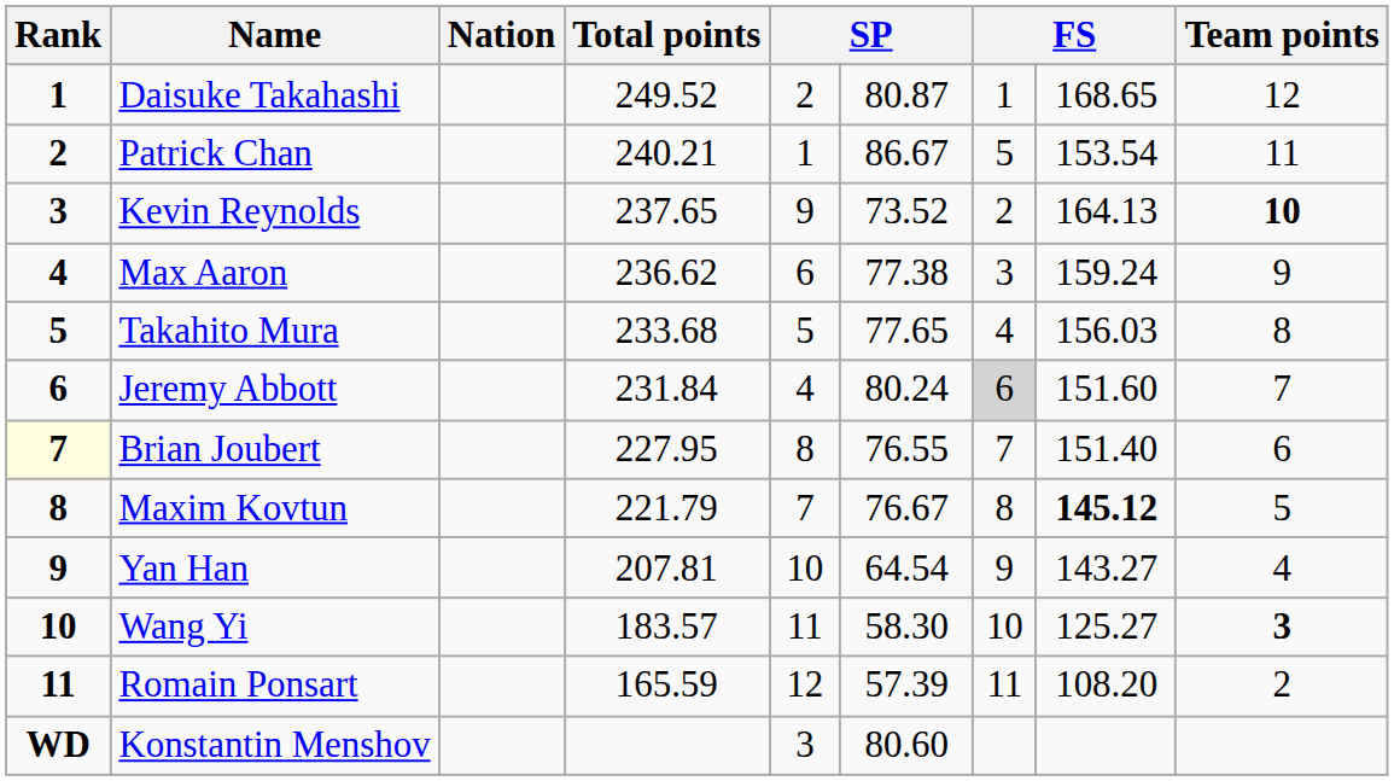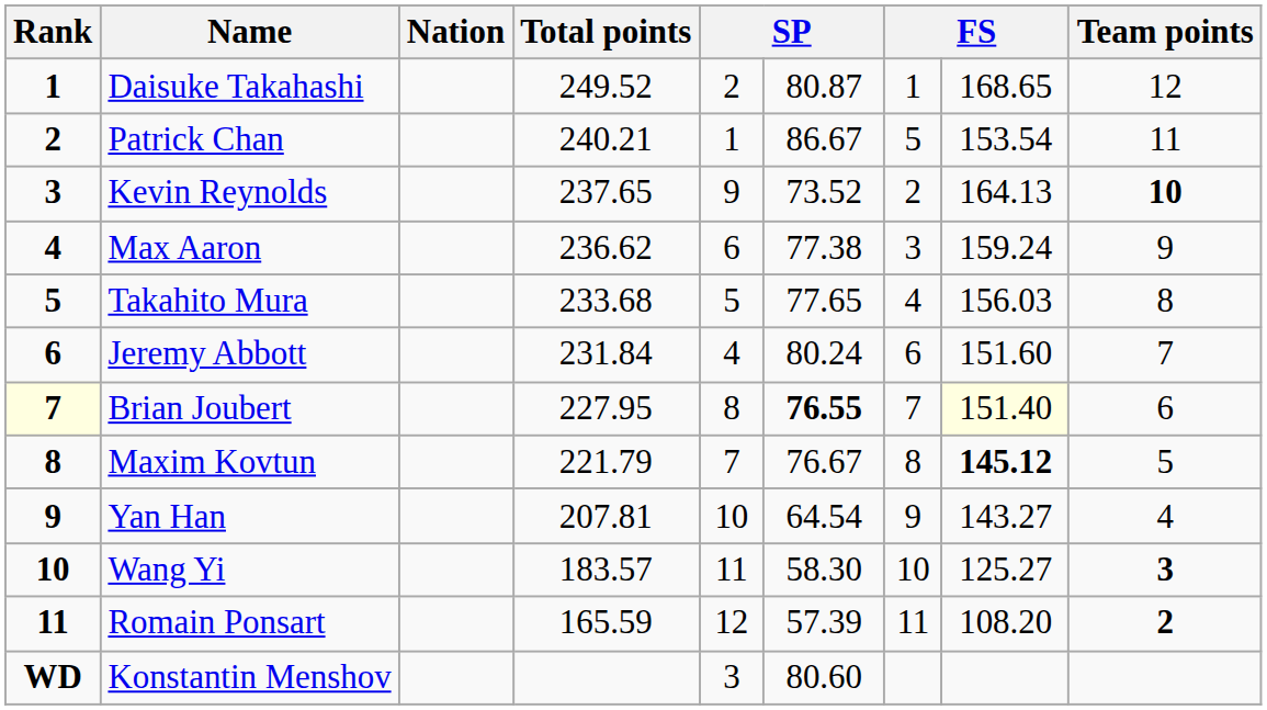 <table class="wikitable sortable">
 <tr>
 <th>Rank</th>
 <th>Name</th>
 <th>Nation</th>
 <th>Total points</th>
 <th colspan="2" width="80px"><a href='#'>SP</a></th>
 <th colspan="2" width="80px"><a href='#'>FS</a></th>
 <th>Team points</th>
 </tr>
 <tr>
 <td style="text-align: center;"><strong>1</strong></td>
 <td><a href='#'>Daisuke Takahashi</a></td>
 <td></td>
 <td style="text-align: center;">249.52</td>
 <td style="text-align: center;">2</td>
 <td style="text-align: center;">80.87</td>
 <td style="text-align: center;">1</td>
 <td style="text-align: center;">168.65</td>
 <td style="text-align: center;">12</td>
 </tr>
 <tr>
 <td style="text-align: center;"><strong>2</strong></td>
 <td><a href='#'>Patrick Chan</a></td>
 <td></td>
 <td style="text-align: center;">240.21</td>
 <td style="text-align: center;">1</td>
 <td style="text-align: center;">86.67</td>
 <td style="text-align: center;">5</td>
 <td style="text-align: center;">153.54</td>
 <td style="text-align: center;">11</td>
 </tr>
 <tr>
 <td style="text-align: center;"><strong>3</strong></td>
 <td><a href='#'>Kevin Reynolds</a></td>
 <td></td>
 <td style="text-align: center;">237.65</td>
 <td style="text-align: center;">9</td>
 <td style="text-align: center;">73.52</td>
 <td style="text-align: center;">2</td>
 <td style="text-align: center;">164.13</td>
 <td style="text-align: center;"><strong>10</strong></td>
 </tr>
 <tr>
 <td style="text-align: center;"><strong>4</strong></td>
 <td><a href='#'>Max Aaron</a></td>
 <td></td>
 <td style="text-align: center;">236.62</td>
 <td style="text-align: center;">6</td>
 <td style="text-align: center;">77.38</td>
 <td style="text-align: center;">3</td>
 <td style="text-align: center;">159.24</td>
 <td style="text-align: center;">9</td>
 </tr>
 <tr>
 <td style="text-align: center;"><strong>5</strong></td>
 <td><a href='#'>Takahito Mura</a></td>
 <td></td>
 <td style="text-align: center;">233.68</td>
 <td style="text-align: center;">5</td>
 <td style="text-align: center;">77.65</td>
 <td style="text-align: center;">4</td>
 <td style="text-align: center;">156.03</td>
 <td style="text-align: center;">8</td>
 </tr>
 <tr>
 <td style="text-align: center;"><strong>6</strong></td>
 <td><a href='#'>Jeremy Abbott</a></td>
 <td></td>
 <td style="text-align: center;">231.84</td>
 <td style="text-align: center;">4</td>
 <td style="text-align: center;">80.24</td>
-<td style="background: lightgrey; text-align: center;">6</td>
+<td style="text-align: center;">6</td>
 <td style="text-align: center;">151.60</td>
 <td style="text-align: center;">7</td>
 </tr>
 <tr>
 <td style="background: lightyellow; text-align: center;"><strong>7</strong></td>
 <td><a href='#'>Brian Joubert</a></td>
 <td></td>
 <td style="text-align: center;">227.95</td>
 <td style="text-align: center;">8</td>
-<td style="text-align: center;">76.55</td>
+<td style="text-align: center;"><strong>76.55</strong></td>
 <td style="text-align: center;">7</td>
-<td style="text-align: center;">151.40</td>
+<td style="background: lightyellow; text-align: center;">151.40</td>
 <td style="text-align: center;">6</td>
 </tr>
 <tr>
 <td style="text-align: center;"><strong>8</strong></td>
 <td><a href='#'>Maxim Kovtun</a></td>
 <td></td>
 <td style="text-align: center;">221.79</td>
 <td style="text-align: center;">7</td>
 <td style="text-align: center;">76.67</td>
 <td style="text-align: center;">8</td>
 <td style="text-align: center;"><strong>145.12</strong></td>
 <td style="text-align: center;">5</td>
 </tr>
 <tr>
 <td style="text-align: center;"><strong>9</strong></td>
 <td><a href='#'>Yan Han</a></td>
 <td></td>
 <td style="text-align: center;">207.81</td>
 <td style="text-align: center;">10</td>
 <td style="text-align: center;">64.54</td>
 <td style="text-align: center;">9</td>
 <td style="text-align: center;">143.27</td>
 <td style="text-align: center;">4</td>
 </tr>
 <tr>
 <td style="text-align: center;"><strong>10</strong></td>
 <td><a href='#'>Wang Yi</a></td>
 <td></td>
 <td style="text-align: center;">183.57</td>
 <td style="text-align: center;">11</td>
 <td style="text-align: center;">58.30</td>
 <td style="text-align: center;">10</td>
 <td style="text-align: center;">125.27</td>
 <td style="text-align: center;"><strong>3</strong></td>
 </tr>
 <tr>
 <td style="text-align: center;"><strong>11</strong></td>
 <td><a href='#'>Romain Ponsart</a></td>
 <td></td>
 <td style="text-align: center;">165.59</td>
 <td style="text-align: center;">12</td>
 <td style="text-align: center;">57.39</td>
 <td style="text-align: center;">11</td>
 <td style="text-align: center;">108.20</td>
-<td style="text-align: center;">2</td>
+<td style="text-align: center;"><strong>2</strong></td>
 </tr>
 <tr>
 <td style="text-align: center;"><strong>WD</strong></td>
 <td><a href='#'>Konstantin Menshov</a></td>
 <td></td>
 <td></td>
 <td style="text-align: center;">3</td>
 <td style="text-align: center;">80.60</td>
 <td></td>
 <td></td>
 <td></td>
 </tr>
 </table>
